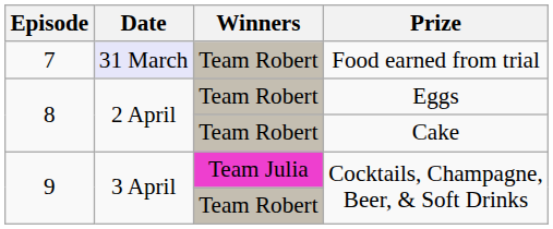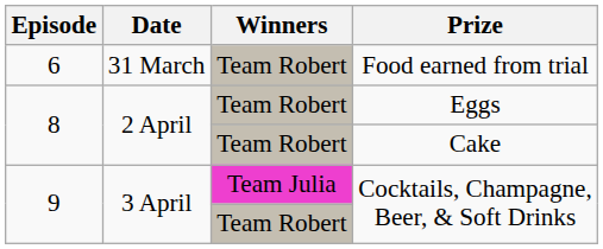 <table class=wikitable style="text-align:center">
 <tr>
 <th>Episode</th>
 <th>Date</th>
 <th>Winners</th>
 <th>Prize</th>
 </tr>
 <tr>
-<td>7</td>
-<td style="background: lavender;">31 March</td>
+<td>6</td>
+<td>31 March</td>
 <td bgcolor=#C4BEB1>Team Robert</td>
 <td>Food earned from trial</td>
 </tr>
 <tr>
 <td rowspan="2">8</td>
 <td rowspan="2">2 April</td>
 <td bgcolor=#C4BEB1>Team Robert</td>
 <td>Eggs</td>
 </tr>
 <tr>
 <td bgcolor=#C4BEB1>Team Robert</td>
 <td>Cake</td>
 </tr>
 <tr>
 <td rowspan="2">9</td>
 <td rowspan="2">3 April</td>
 <td bgcolor=#EE3FCF>Team Julia</td>
 <td rowspan="2">Cocktails, Champagne,<br>Beer, & Soft Drinks</td>
 </tr>
 <tr>
 <td bgcolor=#C4BEB1>Team Robert</td>
 </tr>
 </table>
